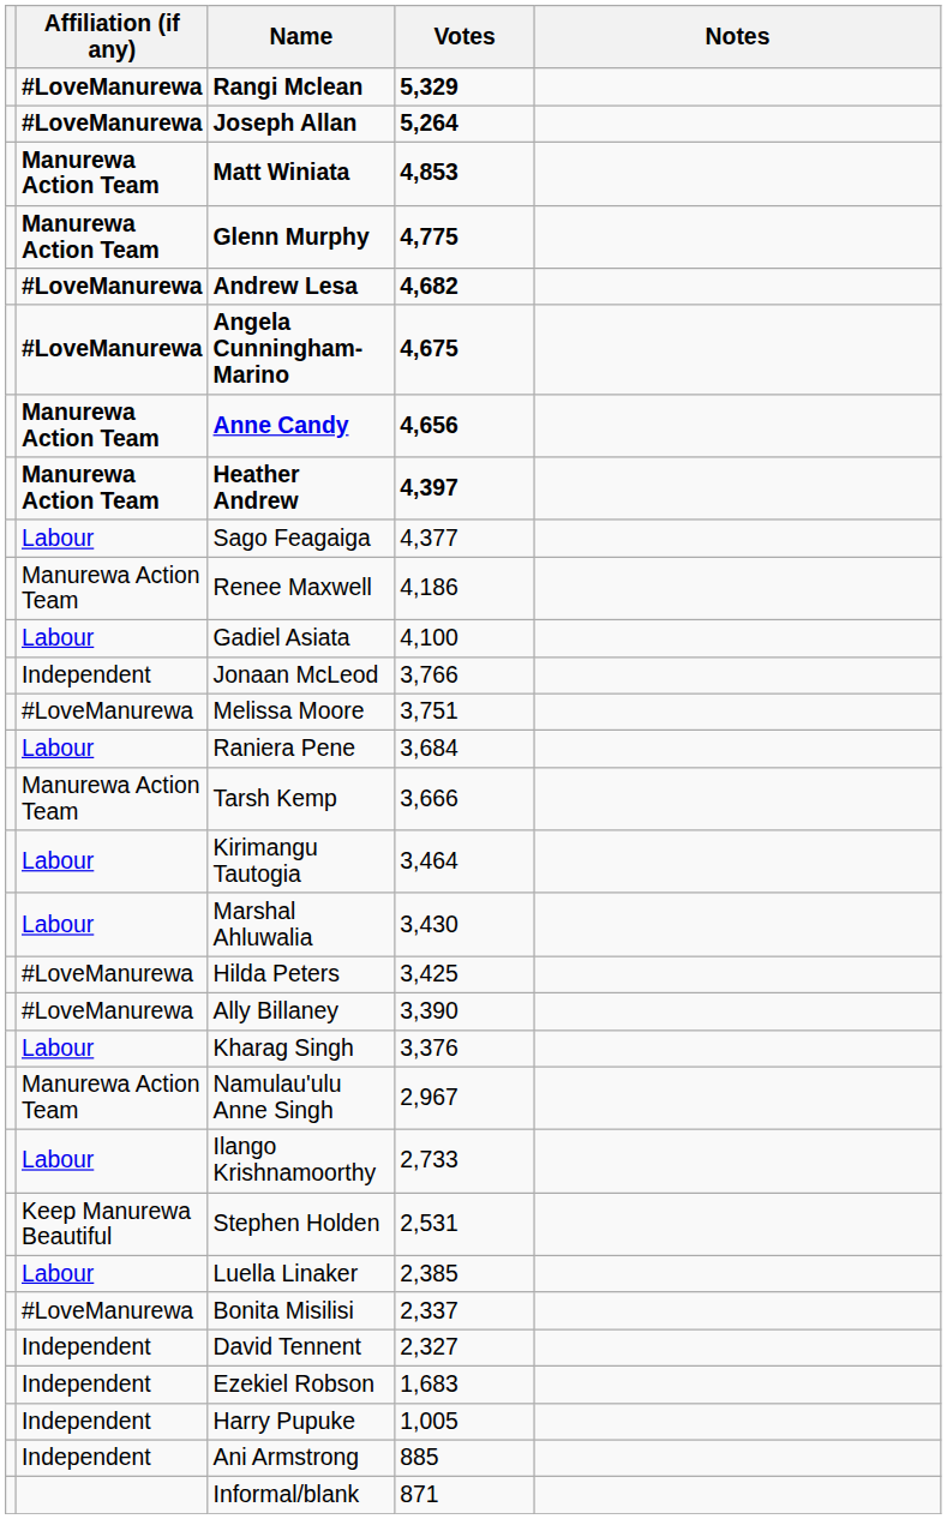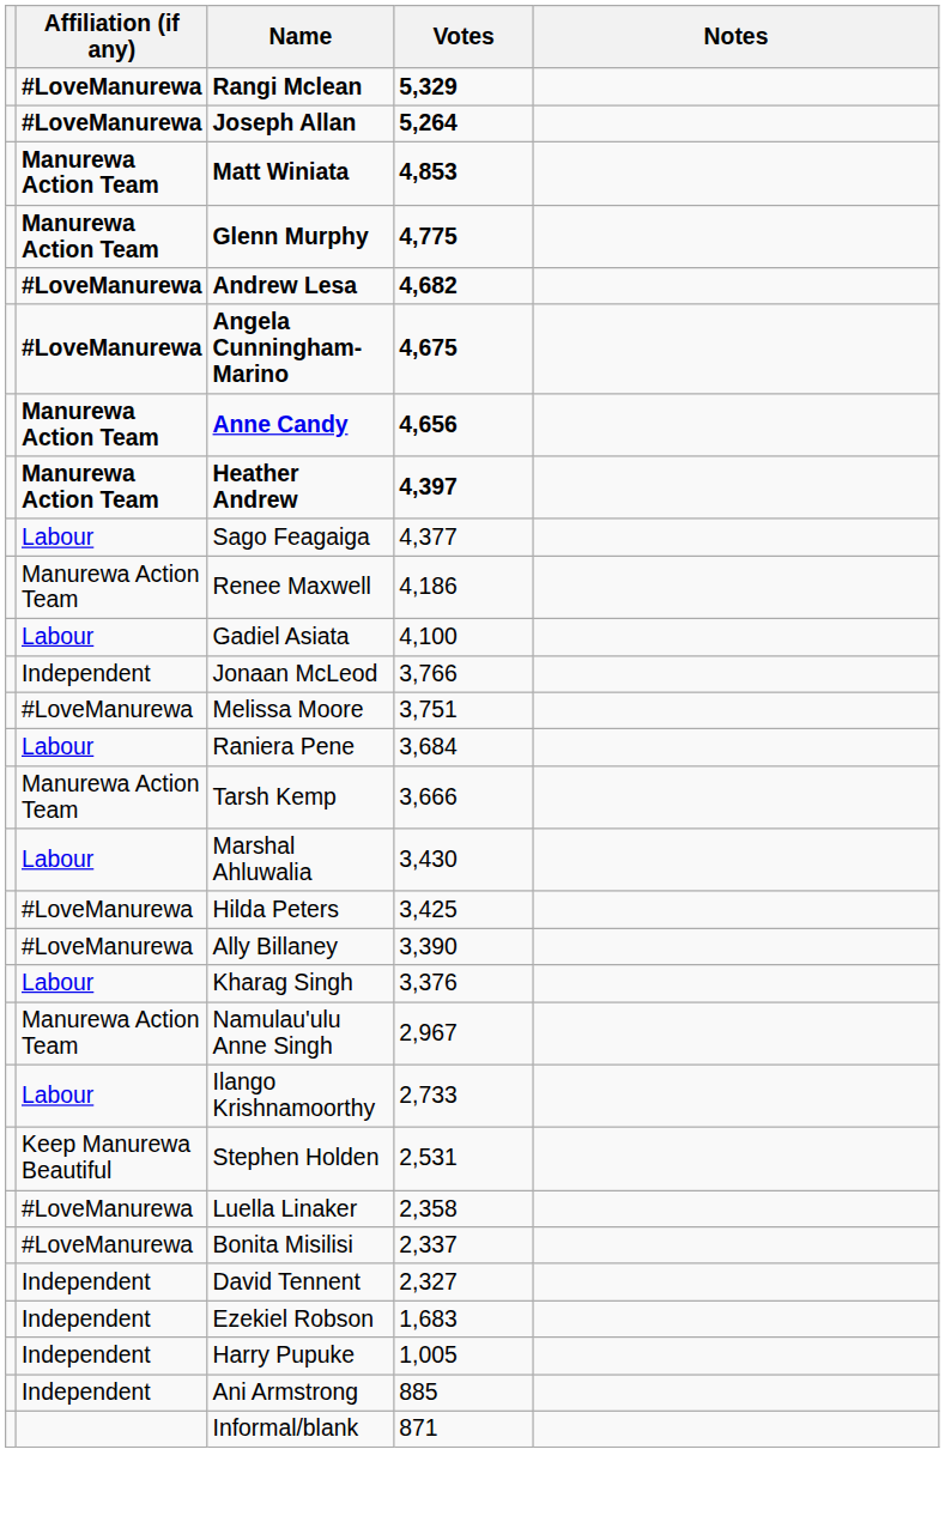 <table class="wikitable" style="width:51%;">
 <tr>
 <th style="width:1%;"></th>
 <th style="width:15%;">Affiliation (if any)</th>
 <th style="width:20%;">Name</th>
 <th style="width:15%;">Votes</th>
 <th>Notes</th>
 </tr>
 <tr>
 <td bgcolor=></td>
 <td><strong>#LoveManurewa</strong></td>
 <td><strong>Rangi Mclean</strong></td>
 <td><strong>5,329</strong></td>
 <td></td>
 </tr>
 <tr>
 <td bgcolor=></td>
 <td><strong>#LoveManurewa</strong></td>
 <td><strong>Joseph Allan</strong></td>
 <td><strong>5,264</strong></td>
 <td></td>
 </tr>
 <tr>
 <td bgcolor=></td>
 <td><strong>Manurewa Action Team</strong></td>
 <td><strong>Matt Winiata</strong></td>
 <td><strong>4,853</strong></td>
 <td></td>
 </tr>
 <tr>
 <td bgcolor=></td>
 <td><strong>Manurewa Action Team</strong></td>
 <td><strong>Glenn Murphy</strong></td>
 <td><strong>4,775</strong></td>
 <td></td>
 </tr>
 <tr>
 <td></td>
 <td><strong>#LoveManurewa</strong></td>
 <td><strong>Andrew Lesa</strong></td>
 <td><strong>4,682</strong></td>
 <td></td>
 </tr>
 <tr>
 <td bgcolor=></td>
 <td><strong>#LoveManurewa</strong></td>
 <td><strong>Angela Cunningham-Marino</strong></td>
 <td><strong>4,675</strong></td>
 <td></td>
 </tr>
 <tr>
 <td></td>
 <td><strong>Manurewa Action Team</strong></td>
 <td><strong><a href='#'>Anne Candy</a></strong></td>
 <td><strong>4,656</strong></td>
 <td></td>
 </tr>
 <tr>
 <td></td>
 <td><strong>Manurewa Action Team</strong></td>
 <td><strong>Heather Andrew</strong></td>
 <td><strong>4,397</strong></td>
 <td></td>
 </tr>
 <tr>
 <td></td>
 <td><a href='#'>Labour</a></td>
 <td>Sago Feagaiga</td>
 <td>4,377</td>
 <td></td>
 </tr>
 <tr>
 <td></td>
 <td>Manurewa Action Team</td>
 <td>Renee Maxwell</td>
 <td>4,186</td>
 <td></td>
 </tr>
 <tr>
 <td bgcolor=></td>
 <td><a href='#'>Labour</a></td>
 <td>Gadiel Asiata</td>
 <td>4,100</td>
 <td></td>
 </tr>
 <tr>
 <td></td>
 <td>Independent</td>
 <td>Jonaan McLeod</td>
 <td>3,766</td>
 <td></td>
 </tr>
 <tr>
 <td></td>
 <td>#LoveManurewa</td>
 <td>Melissa Moore</td>
 <td>3,751</td>
 <td></td>
 </tr>
 <tr>
 <td></td>
 <td><a href='#'>Labour</a></td>
 <td>Raniera Pene</td>
 <td>3,684</td>
 <td></td>
 </tr>
 <tr>
 <td></td>
 <td>Manurewa Action Team</td>
 <td>Tarsh Kemp</td>
 <td>3,666</td>
 <td></td>
 </tr>
 <tr>
 <td></td>
 <td><a href='#'>Labour</a></td>
-<td>Kirimangu Tautogia</td>
-<td>3,464</td>
-<td></td>
-</tr>
-<tr>
-<td></td>
-<td><a href='#'>Labour</a></td>
 <td>Marshal Ahluwalia</td>
 <td>3,430</td>
 <td></td>
 </tr>
 <tr>
 <td></td>
 <td>#LoveManurewa</td>
 <td>Hilda Peters</td>
 <td>3,425</td>
 <td></td>
 </tr>
 <tr>
 <td></td>
 <td>#LoveManurewa</td>
 <td>Ally Billaney</td>
 <td>3,390</td>
 <td></td>
 </tr>
 <tr>
 <td bgcolor=></td>
 <td><a href='#'>Labour</a></td>
 <td>Kharag Singh</td>
 <td>3,376</td>
 <td></td>
 </tr>
 <tr>
 <td bgcolor=></td>
 <td>Manurewa Action Team</td>
 <td>Namulau'ulu Anne Singh</td>
 <td>2,967</td>
 <td></td>
 </tr>
 <tr>
 <td bgcolor=></td>
 <td><a href='#'>Labour</a></td>
 <td>Ilango Krishnamoorthy</td>
 <td>2,733</td>
 <td></td>
 </tr>
 <tr>
 <td bgcolor=></td>
 <td>Keep Manurewa Beautiful</td>
 <td>Stephen Holden</td>
 <td>2,531</td>
 <td></td>
 </tr>
 <tr>
 <td bgcolor=></td>
-<td><a href='#'>Labour</a></td>
+<td>#LoveManurewa</td>
 <td>Luella Linaker</td>
-<td>2,385</td>
+<td>2,358</td>
 <td></td>
 </tr>
 <tr>
 <td></td>
 <td>#LoveManurewa</td>
 <td>Bonita Misilisi</td>
 <td>2,337</td>
 <td></td>
 </tr>
 <tr>
 <td></td>
 <td>Independent</td>
 <td>David Tennent</td>
 <td>2,327</td>
 <td></td>
 </tr>
 <tr>
 <td bgcolor=></td>
 <td>Independent</td>
 <td>Ezekiel Robson</td>
 <td>1,683</td>
 <td></td>
 </tr>
 <tr>
 <td bgcolor=></td>
 <td>Independent</td>
 <td>Harry Pupuke</td>
 <td>1,005</td>
 <td></td>
 </tr>
 <tr>
 <td bgcolor=></td>
 <td>Independent</td>
 <td>Ani Armstrong</td>
 <td>885</td>
 <td></td>
 </tr>
 <tr>
 <td></td>
 <td></td>
 <td>Informal/blank</td>
 <td>871</td>
 <td></td>
 </tr>
 </table>
